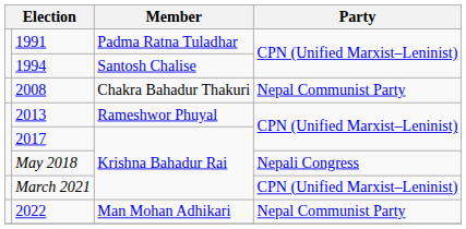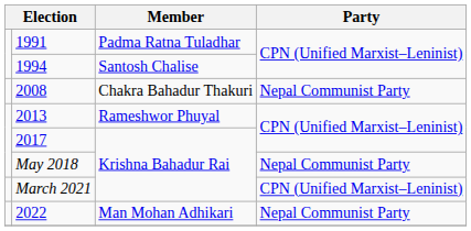 <table class="wikitable">
 <tr>
 <th colspan="2">Election</th>
 <th>Member</th>
 <th>Party</th>
 </tr>
 <tr>
 <td rowspan="2" style="background-color:"></td>
 <td><a href='#'>1991</a></td>
 <td><a href='#'>Padma Ratna Tuladhar</a></td>
 <td rowspan="2"><a href='#'>CPN (Unified Marxist–Leninist)</a></td>
 </tr>
 <tr>
 <td><a href='#'>1994</a></td>
 <td><a href='#'>Santosh Chalise</a></td>
 </tr>
 <tr>
 <td style="background-color:"></td>
 <td><a href='#'>2008</a></td>
 <td>Chakra Bahadur Thakuri</td>
 <td><a href='#'>Nepal Communist Party</a></td>
 </tr>
 <tr>
 <td rowspan="3" style="background-color:"></td>
 <td><a href='#'>2013</a></td>
 <td><a href='#'>Rameshwor Phuyal</a></td>
 <td rowspan="2"><a href='#'>CPN (Unified Marxist–Leninist)</a></td>
 </tr>
 <tr>
 <td><a href='#'>2017</a></td>
 <td rowspan="3"><a href='#'>Krishna Bahadur Rai</a></td>
 </tr>
 <tr>
 <td><em>May 2018</em></td>
-<td><a href='#'>Nepali Congress</a></td>
+<td><a href='#'>Nepal Communist Party</a></td>
 </tr>
 <tr>
 <td></td>
 <td><em>March 2021</em></td>
 <td><a href='#'>CPN (Unified Marxist–Leninist)</a></td>
 </tr>
 <tr>
 <td style="background-color:"></td>
 <td><a href='#'>2022</a></td>
 <td><a href='#'>Man Mohan Adhikari</a></td>
 <td><a href='#'>Nepal Communist Party</a></td>
 </tr>
 <tr>
 </tr>
 </table>
